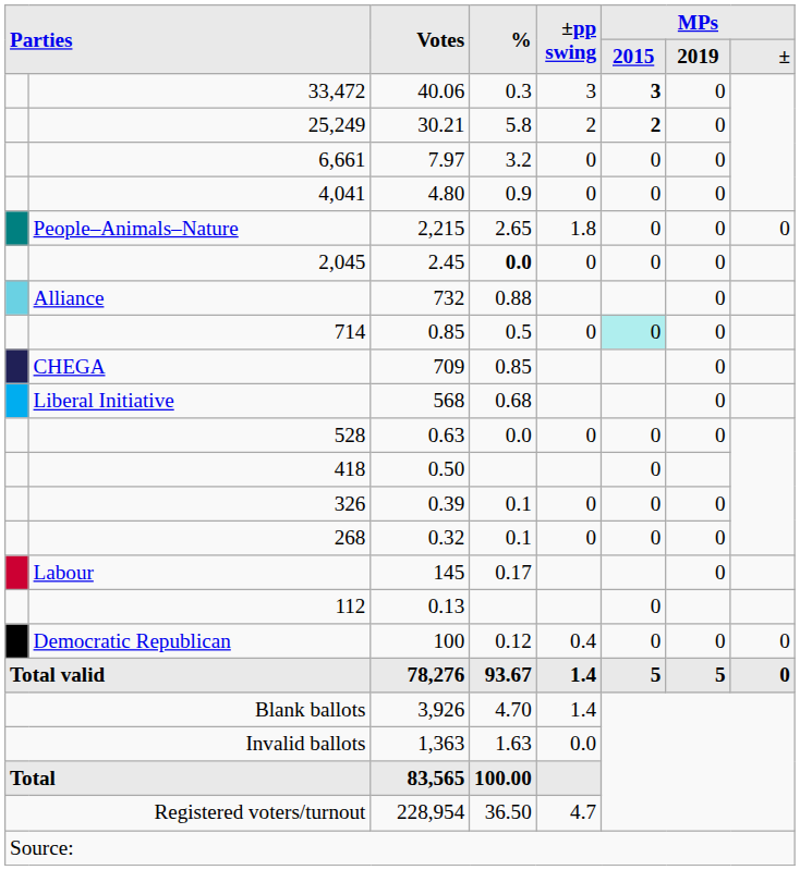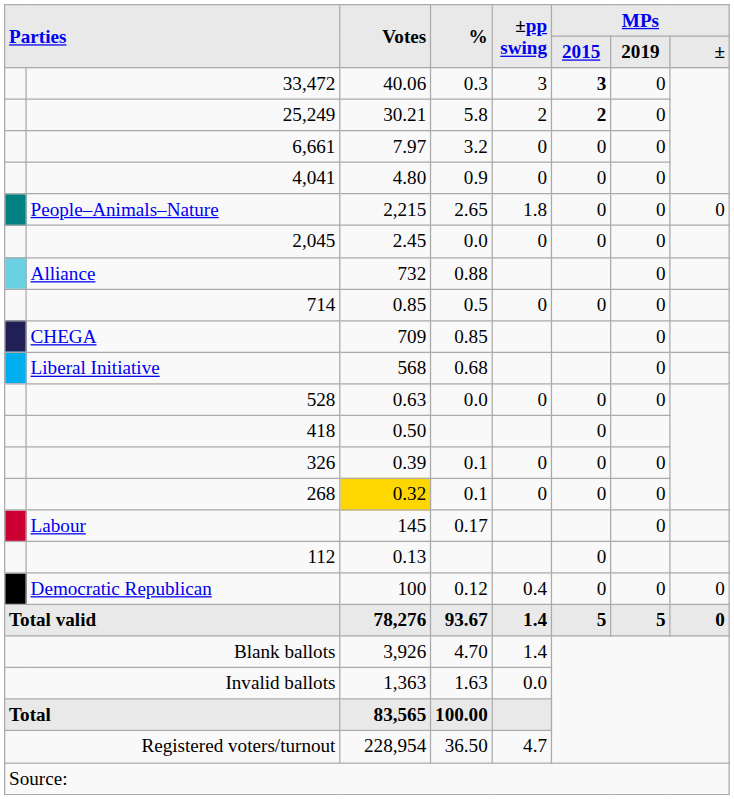 <table class="wikitable" style="text-align:right; font-size:95%;">
 <tr>
 <th rowspan="2" colspan="2" style="background:#e9e9e9; text-align:left;" alignleft><a href='#'>Parties</a></th>
 <th rowspan="2" style="background:#e9e9e9; text-align:right;">Votes</th>
 <th rowspan="2" style="background:#e9e9e9; text-align:right;">%</th>
 <th rowspan="2" style="background:#e9e9e9; text-align:right;">±<a href='#'>pp</a> <a href='#'>swing</a></th>
 <th colspan="3" style="background:#e9e9e9; text-align:center;"><a href='#'>MPs</a></th>
 </tr>
 <tr style="background-color:#E9E9E9">
 <th style="background-color:#E9E9E9;text-align:center;"><a href='#'>2015</a></th>
 <th style="background-color:#E9E9E9;text-align:center;">2019</th>
 <th style="background:#e9e9e9; text-align:right;">±</th>
 </tr>
 <tr>
 <td></td>
 <td>33,472</td>
 <td>40.06</td>
 <td>0.3</td>
 <td>3</td>
 <td><strong>3</strong></td>
 <td>0</td>
 </tr>
 <tr>
 <td></td>
 <td>25,249</td>
 <td>30.21</td>
 <td>5.8</td>
 <td>2</td>
 <td><strong>2</strong></td>
 <td>0</td>
 </tr>
 <tr>
 <td></td>
 <td>6,661</td>
 <td>7.97</td>
 <td>3.2</td>
 <td>0</td>
 <td>0</td>
 <td>0</td>
 </tr>
 <tr>
 <td></td>
 <td>4,041</td>
 <td>4.80</td>
 <td>0.9</td>
 <td>0</td>
 <td>0</td>
 <td>0</td>
 </tr>
 <tr>
 <td style="width: 10px" bgcolor="teal" align="center"></td>
 <td align="left"><a href='#'>People–Animals–Nature</a></td>
 <td>2,215</td>
 <td>2.65</td>
 <td>1.8</td>
 <td>0</td>
 <td>0</td>
 <td>0</td>
 </tr>
 <tr>
 <td></td>
 <td>2,045</td>
 <td>2.45</td>
-<td><strong>0.0</strong></td>
+<td>0.0</td>
 <td>0</td>
 <td>0</td>
 <td>0</td>
 </tr>
 <tr>
 <td style="width: 10px" bgcolor="#6AD1E3" align="center"></td>
 <td align="left"><a href='#'>Alliance</a></td>
 <td>732</td>
 <td>0.88</td>
 <td></td>
 <td></td>
 <td>0</td>
 <td></td>
 </tr>
 <tr>
 <td></td>
 <td>714</td>
 <td>0.85</td>
 <td>0.5</td>
 <td>0</td>
-<td style="background: paleturquoise;">0</td>
+<td>0</td>
 <td>0</td>
 </tr>
 <tr>
 <td style="width: 10px" bgcolor="#202056" align="center"></td>
 <td align="left"><a href='#'>CHEGA</a></td>
 <td>709</td>
 <td>0.85</td>
 <td></td>
 <td></td>
 <td>0</td>
 <td></td>
 </tr>
 <tr>
 <td style="width: 10px" bgcolor="#00ADEF" align="center"></td>
 <td align="left"><a href='#'>Liberal Initiative</a></td>
 <td>568</td>
 <td>0.68</td>
 <td></td>
 <td></td>
 <td>0</td>
 <td></td>
 </tr>
 <tr>
 <td></td>
 <td>528</td>
 <td>0.63</td>
 <td>0.0</td>
 <td>0</td>
 <td>0</td>
 <td>0</td>
 </tr>
 <tr>
 <td></td>
 <td>418</td>
 <td>0.50</td>
 <td></td>
 <td></td>
 <td>0</td>
 <td></td>
 </tr>
 <tr>
 <td></td>
 <td>326</td>
 <td>0.39</td>
 <td>0.1</td>
 <td>0</td>
 <td>0</td>
 <td>0</td>
 </tr>
 <tr>
 <td></td>
 <td>268</td>
-<td>0.32</td>
+<td style="background: gold;">0.32</td>
 <td>0.1</td>
 <td>0</td>
 <td>0</td>
 <td>0</td>
 </tr>
 <tr>
 <td style="width: 10px" bgcolor=#CC0033 align="center"></td>
 <td align=left><a href='#'>Labour</a></td>
 <td>145</td>
 <td>0.17</td>
 <td></td>
 <td></td>
 <td>0</td>
 <td></td>
 </tr>
 <tr>
 <td></td>
 <td>112</td>
 <td>0.13</td>
 <td></td>
 <td></td>
 <td>0</td>
 <td></td>
 </tr>
 <tr>
 <td style="width: 10px" bgcolor=black align="center"></td>
 <td align=left><a href='#'>Democratic Republican</a></td>
 <td>100</td>
 <td>0.12</td>
 <td>0.4</td>
 <td>0</td>
 <td>0</td>
 <td>0</td>
 </tr>
 <tr>
 <td colspan=2 align=left style="background-color:#E9E9E9"><strong>Total valid</strong></td>
 <td width="65" align="right" style="background-color:#E9E9E9"><strong>78,276</strong></td>
 <td width="40" align="right" style="background-color:#E9E9E9"><strong>93.67</strong></td>
 <td width="40" align="right" style="background-color:#E9E9E9"><strong>1.4</strong></td>
 <td width="40" align="right" style="background-color:#E9E9E9"><strong>5</strong></td>
 <td width="40" align="right" style="background-color:#E9E9E9"><strong>5</strong></td>
 <td width="40" align="right" style="background-color:#E9E9E9"><strong>0</strong></td>
 </tr>
 <tr>
 <td colspan=2>Blank ballots</td>
 <td>3,926</td>
 <td>4.70</td>
 <td>1.4</td>
 <td colspan=4 rowspan=4></td>
 </tr>
 <tr>
 <td colspan=2>Invalid ballots</td>
 <td>1,363</td>
 <td>1.63</td>
 <td>0.0</td>
 </tr>
 <tr>
 <td colspan=2 width="259" align=left style="background-color:#E9E9E9"><strong>Total</strong></td>
 <td width="50" align="right" style="background-color:#E9E9E9"><strong>83,565</strong></td>
 <td width="40" align="right" style="background-color:#E9E9E9"><strong>100.00</strong></td>
 <td width="40" align="right" style="background-color:#E9E9E9"></td>
 </tr>
 <tr>
 <td colspan=2>Registered voters/turnout</td>
 <td>228,954</td>
 <td>36.50</td>
 <td>4.7</td>
 </tr>
 <tr>
 <td colspan=11 align=left>Source: </td>
 </tr>
 </table>
